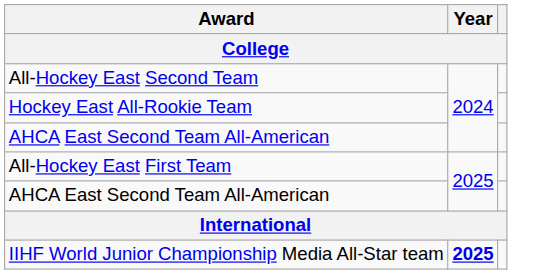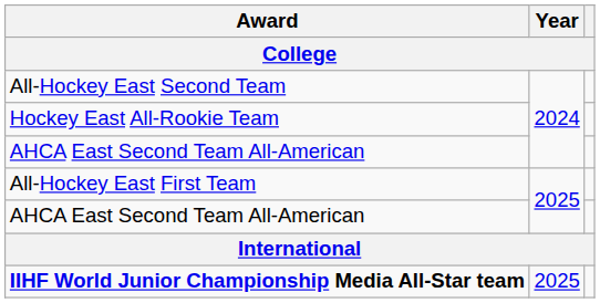 <table class="wikitable">
 <tr>
 <th>Award</th>
 <th>Year</th>
 <th></th>
 </tr>
 <tr>
 <th colspan="3"><a href='#'>College</a></th>
 </tr>
 <tr>
 <td>All-<a href='#'>Hockey East</a> <a href='#'>Second Team</a></td>
 <td rowspan="3"><a href='#'>2024</a></td>
 <td></td>
 </tr>
 <tr>
 <td><a href='#'>Hockey East</a> <a href='#'>All-Rookie Team</a></td>
 <td></td>
 </tr>
 <tr>
 <td><a href='#'>AHCA</a> <a href='#'>East Second Team All-American</a></td>
 <td></td>
 </tr>
 <tr>
 <td>All-<a href='#'>Hockey East</a> <a href='#'>First Team</a></td>
 <td rowspan="2"><a href='#'>2025</a></td>
 <td></td>
 </tr>
 <tr>
 <td>AHCA East Second Team All-American</td>
 <td></td>
 </tr>
 <tr>
 <th colspan="3"><a href='#'>International</a></th>
 </tr>
 <tr>
-<td><a href='#'>IIHF World Junior Championship</a> Media All-Star team</td>
-<td><strong><a href='#'>2025</a></strong></td>
+<td><strong><a href='#'>IIHF World Junior Championship</a> Media All-Star team</strong></td>
+<td><a href='#'>2025</a></td>
 <td></td>
 </tr>
 </table>
